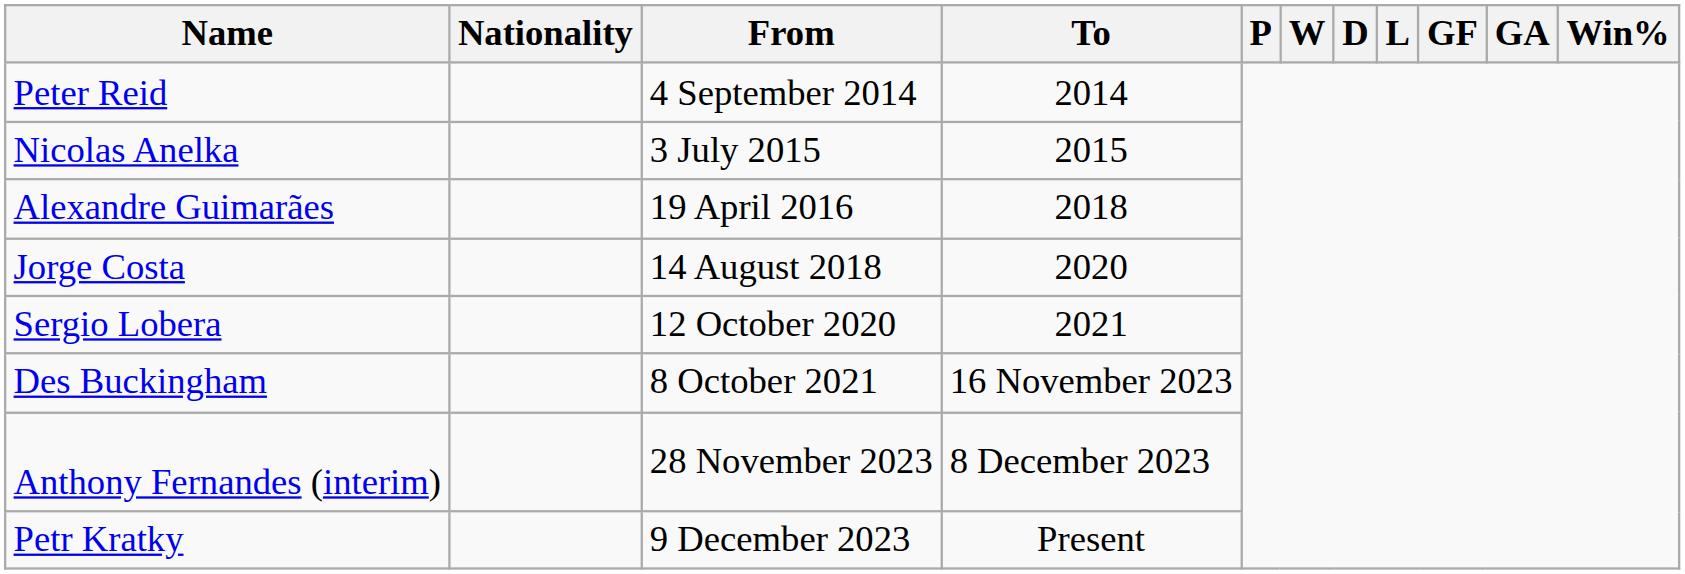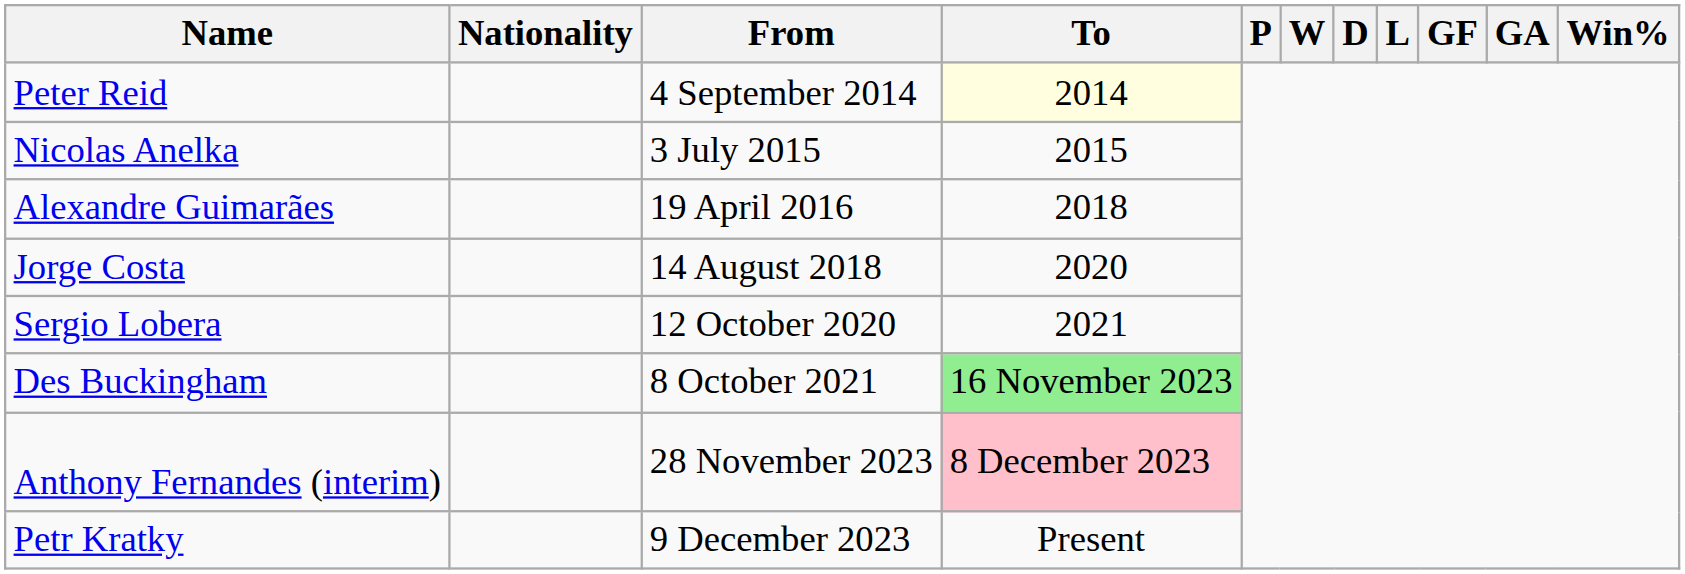 <table class="wikitable plainrowheaders sortable" style="text-align:center">
 <tr>
 <th>Name</th>
 <th>Nationality</th>
 <th>From</th>
 <th class="unsortable">To</th>
 <th>P</th>
 <th>W</th>
 <th>D</th>
 <th>L</th>
 <th>GF</th>
 <th>GA</th>
 <th>Win%</th>
 </tr>
 <tr>
 <td scope=row style=text-align:left><a href='#'>Peter Reid</a></td>
 <td align=left></td>
 <td align=left>4 September 2014</td>
-<td align=center>2014<br></td>
+<td align=center style="background: lightyellow;">2014<br></td>
 </tr>
 <tr>
 <td scope=row style=text-align:left><a href='#'>Nicolas Anelka</a></td>
 <td align=left></td>
 <td align=left>3 July 2015</td>
 <td align=center>2015<br></td>
 </tr>
 <tr>
 <td scope=row style=text-align:left><a href='#'>Alexandre Guimarães</a></td>
 <td align=left></td>
 <td align=left>19 April 2016</td>
 <td align=center>2018<br></td>
 </tr>
 <tr>
 <td scope=row style=text-align:left><a href='#'>Jorge Costa</a></td>
 <td align=left></td>
 <td align=left>14 August 2018</td>
 <td align=center>2020<br></td>
 </tr>
 <tr>
 <td scope=row style=text-align:left><a href='#'>Sergio Lobera</a></td>
 <td align=left></td>
 <td align=left>12 October 2020</td>
 <td align=center>2021<br></td>
 </tr>
 <tr>
 <td scope=row style=text-align:left><a href='#'>Des Buckingham</a></td>
 <td align=left></td>
 <td align=left>8 October 2021</td>
-<td align=center>16 November 2023<br></td>
+<td align=center style="background: lightgreen;">16 November 2023<br></td>
 </tr>
 <tr>
 <td scope=row style=text-align:left><br><a href='#'>Anthony Fernandes</a> (<a href='#'>interim</a>)</td>
 <td align=left></td>
 <td align=left>28 November 2023</td>
-<td align=left>8 December 2023<br></td>
+<td align=left style="background: pink;">8 December 2023<br></td>
 </tr>
 <tr>
 <td scope=row style=text-align:left><a href='#'>Petr Kratky</a></td>
 <td align=left></td>
 <td align=left>9 December 2023</td>
 <td align=center>Present<br></td>
 </tr>
 </table>
